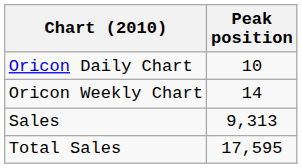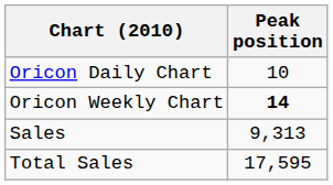 <table class="wikitable">
 <tr>
 <th>Chart (2010)</th>
 <th>Peak<br>position</th>
 </tr>
 <tr>
 <td><a href='#'>Oricon</a> Daily Chart</td>
 <td align="center">10</td>
 </tr>
 <tr>
 <td>Oricon Weekly Chart</td>
-<td align="center">14</td>
+<td align="center"><strong>14</strong></td>
 </tr>
 <tr>
 <td>Sales</td>
 <td align="center">9,313</td>
 </tr>
 <tr>
 <td>Total Sales</td>
 <td align="center">17,595</td>
 </tr>
 </table>
